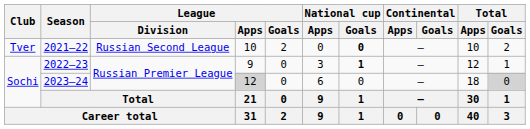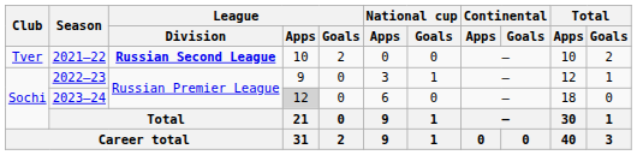 <table class="wikitable" style="text-align: center;">
 <tr>
 <th rowspan=2>Club</th>
 <th rowspan=2>Season</th>
 <th colspan=3>League</th>
 <th colspan=2>National cup</th>
 <th colspan=2>Continental</th>
 <th colspan=2>Total</th>
 </tr>
 <tr>
 <th>Division</th>
 <th>Apps</th>
 <th>Goals</th>
 <th>Apps</th>
 <th>Goals</th>
 <th>Apps</th>
 <th>Goals</th>
 <th>Apps</th>
 <th>Goals</th>
 </tr>
 <tr>
 <td><a href='#'>Tver</a></td>
 <td><a href='#'>2021–22</a></td>
-<td><a href='#'>Russian Second League</a></td>
+<td><strong><a href='#'>Russian Second League</a></strong></td>
 <td>10</td>
 <td>2</td>
 <td>0</td>
-<td><strong>0</strong></td>
+<td>0</td>
 <td colspan=2>–</td>
 <td>10</td>
 <td>2</td>
 </tr>
 <tr>
 <td rowspan=3><a href='#'>Sochi</a></td>
 <td><a href='#'>2022–23</a></td>
 <td rowspan=2><a href='#'>Russian Premier League</a></td>
 <td>9</td>
 <td>0</td>
 <td>3</td>
-<td><strong>1</strong></td>
+<td>1</td>
 <td colspan=2>–</td>
 <td>12</td>
 <td>1</td>
 </tr>
 <tr>
 <td><a href='#'>2023–24</a></td>
 <td style="background: lightgrey;">12</td>
 <td>0</td>
 <td>6</td>
 <td>0</td>
 <td colspan=2>–</td>
 <td>18</td>
-<td style="background: lightgrey;">0</td>
+<td>0</td>
 </tr>
 <tr>
 <th colspan="2">Total</th>
 <th>21</th>
 <th>0</th>
 <th>9</th>
 <th>1</th>
 <th colspan="2">—</th>
 <th>30</th>
 <th>1</th>
 </tr>
 <tr>
 <th colspan=3>Career total</th>
 <th>31</th>
 <th>2</th>
 <th>9</th>
 <th>1</th>
 <th>0</th>
 <th>0</th>
 <th>40</th>
 <th>3</th>
 </tr>
 </table>
